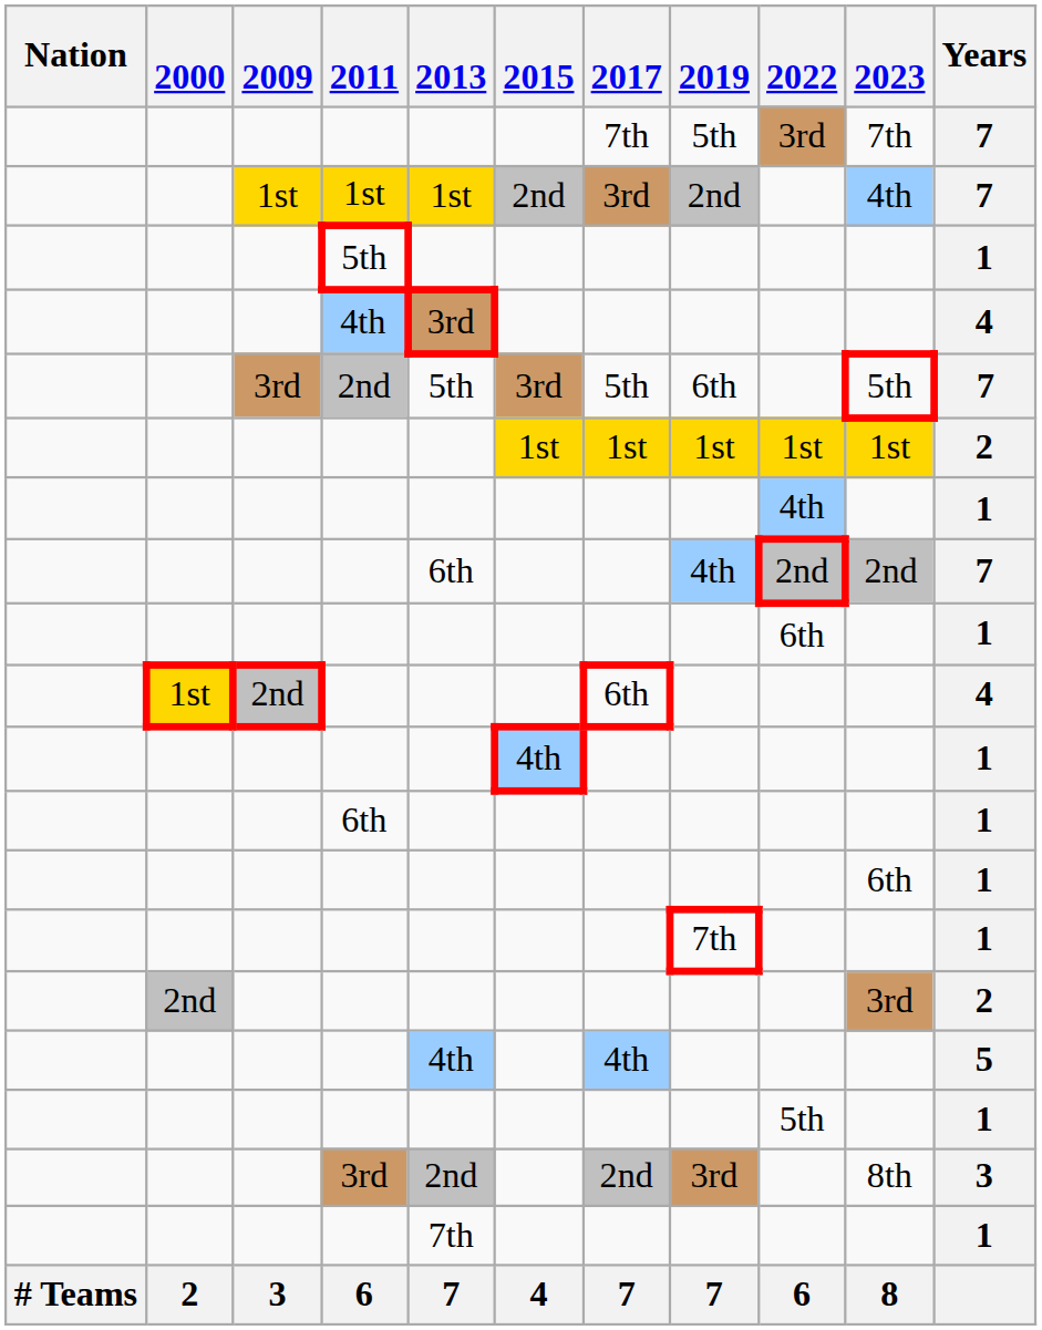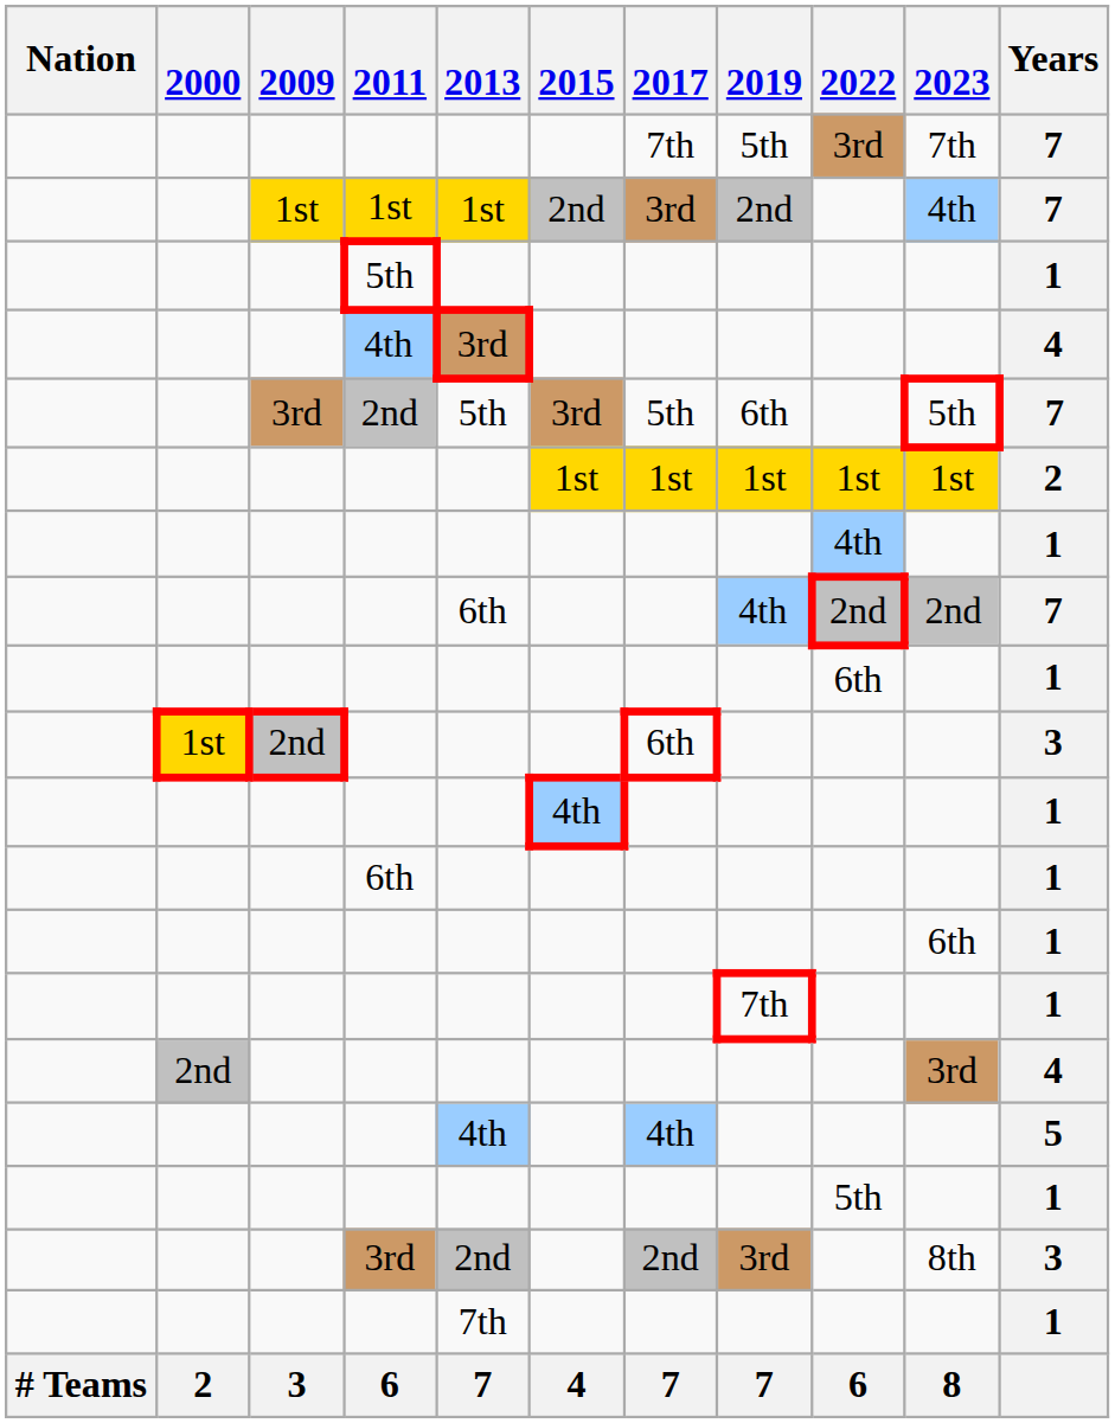 <table class="wikitable" style="text-align:center; font-size:90%">
 <tr>
 <th>Nation</th>
 <th><br><a href='#'>2000</a></th>
 <th><br><a href='#'>2009</a></th>
 <th><br><a href='#'>2011</a></th>
 <th><br><a href='#'>2013</a></th>
 <th><br><a href='#'>2015</a></th>
 <th><br><a href='#'>2017</a></th>
 <th><br><a href='#'>2019</a></th>
 <th><br><a href='#'>2022</a></th>
 <th><br><a href='#'>2023</a></th>
 <th>Years</th>
 </tr>
 <tr>
 <td align=left></td>
 <td></td>
 <td></td>
 <td></td>
 <td></td>
 <td></td>
 <td>7th</td>
 <td>5th</td>
 <td bgcolor=cc9966>3rd</td>
 <td>7th</td>
 <th>7</th>
 </tr>
 <tr>
 <td align=left></td>
 <td></td>
 <td bgcolor=gold>1st</td>
 <td bgcolor=gold>1st</td>
 <td bgcolor=gold>1st</td>
 <td bgcolor=silver>2nd</td>
 <td bgcolor=cc9966>3rd</td>
 <td bgcolor=silver>2nd</td>
 <td></td>
 <td bgcolor=9acdff>4th</td>
 <th>7</th>
 </tr>
 <tr>
 <td align=left></td>
 <td></td>
 <td></td>
 <td style="border:3px solid red">5th</td>
 <td></td>
 <td></td>
 <td></td>
 <td></td>
 <td></td>
 <td></td>
 <th>1</th>
 </tr>
 <tr>
 <td align=left></td>
 <td></td>
 <td></td>
 <td bgcolor=9acdff>4th</td>
 <td style="border:3px solid red" bgcolor=cc9966>3rd</td>
 <td></td>
 <td></td>
 <td></td>
 <td></td>
 <td></td>
 <th>4</th>
 </tr>
 <tr>
 <td align=left></td>
 <td></td>
 <td bgcolor=cc9966>3rd</td>
 <td bgcolor=silver>2nd</td>
 <td>5th</td>
 <td bgcolor=cc9966>3rd</td>
 <td>5th</td>
 <td>6th</td>
 <td></td>
 <td style="border:3px solid red">5th</td>
 <th>7</th>
 </tr>
 <tr>
 <td align=left></td>
 <td></td>
 <td></td>
 <td></td>
 <td></td>
 <td bgcolor=gold>1st</td>
 <td bgcolor=gold>1st</td>
 <td bgcolor=gold>1st</td>
 <td bgcolor=gold>1st</td>
 <td bgcolor=gold>1st</td>
 <th>2</th>
 </tr>
 <tr>
 <td align=left></td>
 <td></td>
 <td></td>
 <td></td>
 <td></td>
 <td></td>
 <td></td>
 <td></td>
 <td bgcolor=9acdff>4th</td>
 <td></td>
 <th>1</th>
 </tr>
 <tr>
 <td align=left></td>
 <td></td>
 <td></td>
 <td></td>
 <td>6th</td>
 <td></td>
 <td></td>
 <td bgcolor=9acdff>4th</td>
 <td style="border:3px solid red" bgcolor=silver>2nd</td>
 <td bgcolor=silver>2nd</td>
 <th>7</th>
 </tr>
 <tr>
 <td align=left></td>
 <td></td>
 <td></td>
 <td></td>
 <td></td>
 <td></td>
 <td></td>
 <td></td>
 <td>6th</td>
 <td></td>
 <th>1</th>
 </tr>
 <tr>
 <td align=left></td>
 <td style="border:3px solid red" bgcolor=gold>1st</td>
 <td style="border:3px solid red" bgcolor=silver>2nd</td>
 <td></td>
 <td></td>
 <td></td>
 <td style="border:3px solid red">6th</td>
 <td></td>
 <td></td>
 <td></td>
-<th>4</th>
+<th>3</th>
 </tr>
 <tr>
 <td align=left></td>
 <td></td>
 <td></td>
 <td></td>
 <td></td>
 <td style="border:3px solid red" bgcolor=9acdff>4th</td>
 <td></td>
 <td></td>
 <td></td>
 <td></td>
 <th>1</th>
 </tr>
 <tr>
 <td align=left></td>
 <td></td>
 <td></td>
 <td>6th</td>
 <td></td>
 <td></td>
 <td></td>
 <td></td>
 <td></td>
 <td></td>
 <th>1</th>
 </tr>
 <tr>
 <td align=left></td>
 <td></td>
 <td></td>
 <td></td>
 <td></td>
 <td></td>
 <td></td>
 <td></td>
 <td></td>
 <td>6th</td>
 <th>1</th>
 </tr>
 <tr>
 <td align=left></td>
 <td></td>
 <td></td>
 <td></td>
 <td></td>
 <td></td>
 <td></td>
 <td style="border:3px solid red">7th</td>
 <td></td>
 <td></td>
 <th>1</th>
 </tr>
 <tr>
 <td align=left></td>
 <td bgcolor=silver>2nd</td>
 <td></td>
 <td></td>
 <td></td>
 <td></td>
 <td></td>
 <td></td>
 <td></td>
 <td bgcolor=cc9966>3rd</td>
-<th>2</th>
+<th>4</th>
 </tr>
 <tr>
 <td align=left></td>
 <td></td>
 <td></td>
 <td></td>
 <td bgcolor=9acdff>4th</td>
 <td></td>
 <td bgcolor=9acdff>4th</td>
 <td></td>
 <td></td>
 <td></td>
 <th>5</th>
 </tr>
 <tr>
 <td align=left></td>
 <td></td>
 <td></td>
 <td></td>
 <td></td>
 <td></td>
 <td></td>
 <td></td>
 <td>5th</td>
 <td></td>
 <th>1</th>
 </tr>
 <tr>
 <td align=left></td>
 <td></td>
 <td></td>
 <td bgcolor=cc9966>3rd</td>
 <td bgcolor=silver>2nd</td>
 <td></td>
 <td bgcolor=silver>2nd</td>
 <td bgcolor=cc9966>3rd</td>
 <td></td>
 <td>8th</td>
 <th>3</th>
 </tr>
 <tr>
 <td align=left></td>
 <td></td>
 <td></td>
 <td></td>
 <td>7th</td>
 <td></td>
 <td></td>
 <td></td>
 <td></td>
 <td></td>
 <th>1</th>
 </tr>
 <tr>
 <th># Teams</th>
 <th>2</th>
 <th>3</th>
 <th>6</th>
 <th>7</th>
 <th>4</th>
 <th>7</th>
 <th>7</th>
 <th>6</th>
 <th>8</th>
 <th></th>
 </tr>
 </table>
